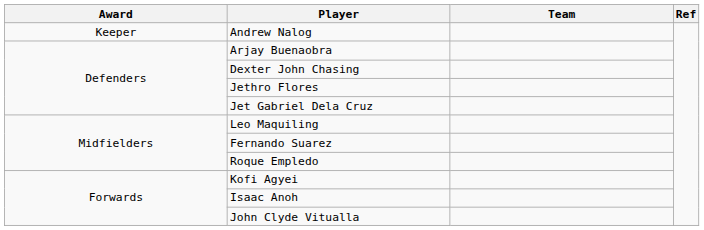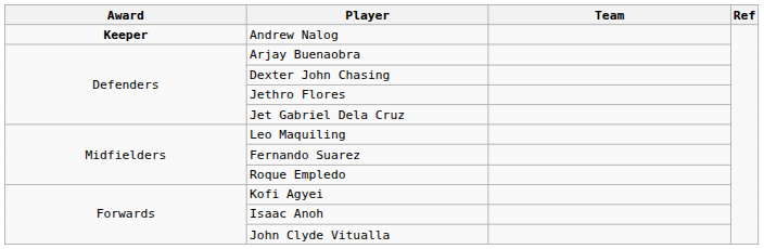 <table class="wikitable">
 <tr>
 <th width=250>Award</th>
 <th width=250>Player</th>
 <th width=250>Team</th>
 <th width=10>Ref</th>
 </tr>
 <tr>
-<td style="text-align:center">Keeper</td>
+<td style="text-align:center"><strong>Keeper</strong></td>
 <td>Andrew Nalog</td>
 <td></td>
 <td style="text-align:center" rowspan=11></td>
 </tr>
 <tr>
 <td style="text-align:center" rowspan=4>Defenders</td>
 <td>Arjay Buenaobra</td>
 <td></td>
 </tr>
 <tr>
 <td>Dexter John Chasing</td>
 <td></td>
 </tr>
 <tr>
 <td>Jethro Flores</td>
 <td></td>
 </tr>
 <tr>
 <td>Jet Gabriel Dela Cruz</td>
 <td></td>
 </tr>
 <tr>
 <td style="text-align:center" rowspan=3>Midfielders</td>
 <td>Leo Maquiling</td>
 <td></td>
 </tr>
 <tr>
 <td>Fernando Suarez</td>
 <td></td>
 </tr>
 <tr>
 <td>Roque Empledo</td>
 <td></td>
 </tr>
 <tr>
 <td style="text-align:center" rowspan=3>Forwards</td>
 <td>Kofi Agyei</td>
 <td></td>
 </tr>
 <tr>
 <td>Isaac Anoh</td>
 <td></td>
 </tr>
 <tr>
 <td>John Clyde Vitualla</td>
 <td></td>
 </tr>
 </table>
